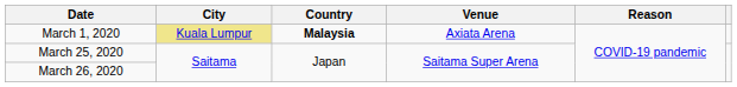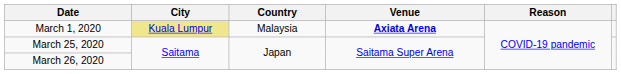 <table class="wikitable" style="text-align:center;">
 <tr>
 <th scope="col" style="width:12em;">Date</th>
 <th scope="col" style="width:9em;">City</th>
 <th scope="col" style="width:9em;">Country</th>
 <th scope="col" style="width:15em;">Venue</th>
 <th scope="col" style="width:12em;">Reason</th>
 <th></th>
 </tr>
 <tr>
 <td>March 1, 2020</td>
 <td style="background: khaki;"><a href='#'>Kuala Lumpur</a></td>
-<td><strong>Malaysia</strong></td>
-<td><a href='#'>Axiata Arena</a></td>
+<td>Malaysia</td>
+<td><strong><a href='#'>Axiata Arena</a></strong></td>
 <td rowspan="3"><a href='#'>COVID-19 pandemic</a></td>
 <td rowspan="1"></td>
 </tr>
 <tr>
 <td>March 25, 2020</td>
 <td rowspan="2"><a href='#'>Saitama</a></td>
 <td rowspan="2">Japan</td>
 <td rowspan="2"><a href='#'>Saitama Super Arena</a></td>
 <td rowspan="2"></td>
 </tr>
 <tr>
 <td>March 26, 2020</td>
 </tr>
 </table>
